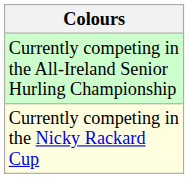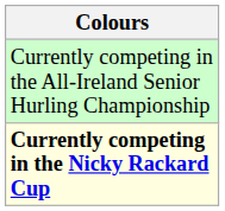 <table class="wikitable">
 <tr>
 <th width="150">Colours</th>
 </tr>
 <tr style="background:#ccffcc">
 <td>Currently competing in the All-Ireland Senior Hurling Championship</td>
 </tr>
 <tr style="background:#FFFFE0">
-<td>Currently competing in the <a href='#'>Nicky Rackard Cup</a></td>
+<td><strong>Currently competing in the <a href='#'>Nicky Rackard Cup</a></strong></td>
 </tr>
 </table>
